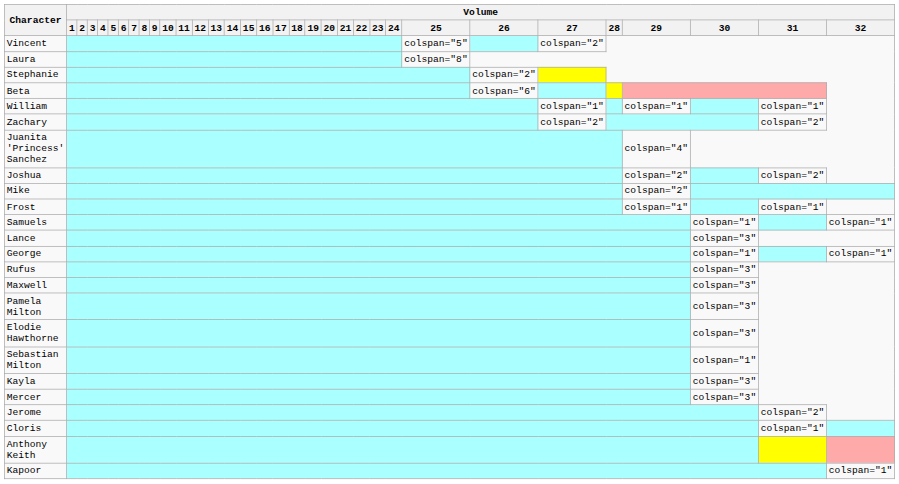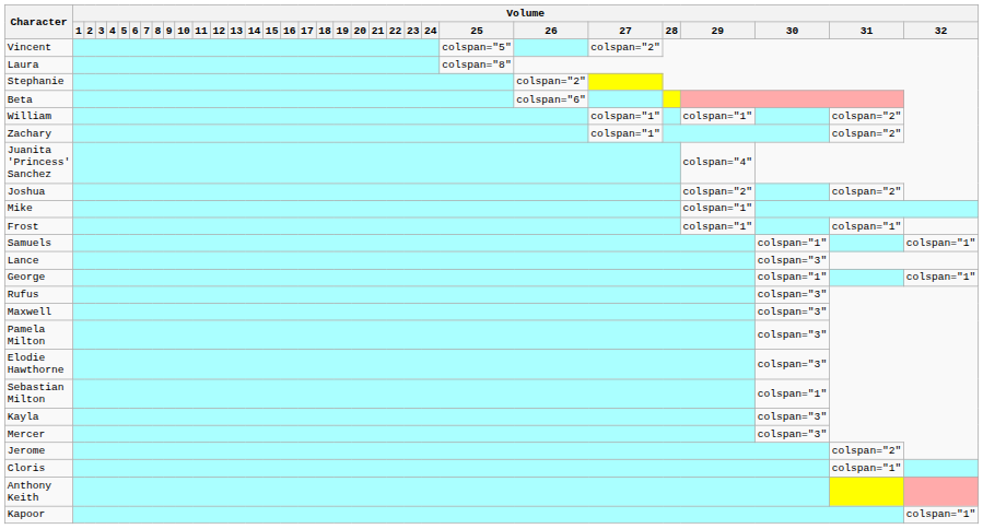 <table class="wikitable">
 <tr>
 <th rowspan="2">Character</th>
 <th colspan="32">Volume</th>
 </tr>
 <tr>
 <th style="width:3%;">1</th>
 <th style="width:3%;">2</th>
 <th style="width:3%;">3</th>
 <th style="width:3%;">4</th>
 <th style="width:3%;">5</th>
 <th style="width:3%;">6</th>
 <th style="width:3%;">7</th>
 <th style="width:3%;">8</th>
 <th style="width:3%;">9</th>
 <th style="width:3%;">10</th>
 <th style="width:3%;">11</th>
 <th style="width:3%;">12</th>
 <th style="width:3%;">13</th>
 <th style="width:3%;">14</th>
 <th style="width:3%;">15</th>
 <th style="width:3%;">16</th>
 <th style="width:3%;">17</th>
 <th style="width:3%;">18</th>
 <th style="width:3%;">19</th>
 <th style="width:3%;">20</th>
 <th style="width:3%;">21</th>
 <th style="width:3%;">22</th>
 <th style="width:3%;">23</th>
 <th style="width:3%;">24</th>
 <th style="width:3%;">25</th>
 <th style="width:3%;">26</th>
 <th style="width:3%;">27</th>
 <th style="width:3%;">28</th>
 <th style="width:3%;">29</th>
 <th style="width:3%;">30</th>
 <th style="width:3%;">31</th>
 <th style="width:3%;">32</th>
 </tr>
 <tr>
 <td>Vincent</td>
 <td colspan="24" style="background: #aaffff; color: grey; vertical-align: middle; text-align: center; " class="table-na"></td>
 <td>colspan="5" </td>
 <td style="background: #aaffff" colspan="1" align="center"></td>
 <td>colspan="2" </td>
 </tr>
 <tr>
 <td>Laura</td>
 <td colspan="24" style="background: #aaffff; color: grey; vertical-align: middle; text-align: center; " class="table-na"></td>
 <td>colspan="8" </td>
 </tr>
 <tr>
 <td>Stephanie</td>
 <td colspan="25" style="background: #aaffff; color: grey; vertical-align: middle; text-align: center; " class="table-na"></td>
 <td>colspan="2" </td>
 <td style="background:yellow; vertical-align:middle; text-align: center;"></td>
 </tr>
 <tr>
 <td>Beta</td>
 <td colspan="25" style="background: #aaffff; color: grey; vertical-align: middle; text-align: center; " class="table-na"></td>
 <td>colspan="6" </td>
 <td colspan="1" style="background: #aaffff; color: grey; vertical-align: middle; text-align: center; " class="table-na"></td>
 <td style="background:yellow; vertical-align:middle; text-align: center;"></td>
 <td colspan="3" style="background: #ffaaaa; color: grey; vertical-align: middle; text-align: center; " class="table-na"></td>
 </tr>
 <tr>
 <td>William</td>
 <td colspan="26" style="background: #aaffff; color: grey; vertical-align: middle; text-align: center; " class="table-na"></td>
 <td>colspan="1" </td>
 <td style="background: #aaffff; color: grey; vertical-align: middle; text-align: center; " class="table-na"></td>
 <td>colspan="1" </td>
 <td style="background: #aaffff" colspan="1" align="center"></td>
-<td>colspan="1" </td>
+<td>colspan="2" </td>
 </tr>
 <tr>
 <td>Zachary</td>
 <td colspan="26" style="background: #aaffff; color: grey; vertical-align: middle; text-align: center; " class="table-na"></td>
-<td>colspan="2" </td>
+<td>colspan="1" </td>
 <td colspan="3" style="background: #aaffff; color: grey; vertical-align: middle; text-align: center; " class="table-na"></td>
 <td>colspan="2" </td>
 </tr>
 <tr>
 <td>Juanita 'Princess' Sanchez</td>
 <td colspan="28" style="background: #aaffff; color: grey; vertical-align: middle; text-align: center; " class="table-na"></td>
 <td>colspan="4" </td>
 </tr>
 <tr>
 <td>Joshua</td>
 <td colspan="28" style="background: #aaffff; color: grey; vertical-align: middle; text-align: center; " class="table-na"></td>
 <td>colspan="2" </td>
 <td style="background: #aaffff" colspan="1" align="center"></td>
 <td>colspan="2" </td>
 </tr>
 <tr>
 <td>Mike</td>
 <td colspan="28" style="background: #aaffff; color: grey; vertical-align: middle; text-align: center; " class="table-na"></td>
-<td>colspan="2" </td>
+<td>colspan="1" </td>
 <td style="background: #aaffff" colspan="3" align="center"></td>
 </tr>
 <tr>
 <td>Frost</td>
 <td colspan="28" style="background: #aaffff; color: grey; vertical-align: middle; text-align: center; " class="table-na"></td>
 <td>colspan="1" </td>
 <td colspan="1" style="background: #aaffff; color: grey; vertical-align: middle; text-align: center; " class="table-na"></td>
 <td>colspan="1" </td>
 </tr>
 <tr>
 <td>Samuels</td>
 <td colspan="29" style="background: #aaffff; color: grey; vertical-align: middle; text-align: center; " class="table-na"></td>
 <td>colspan="1" </td>
 <td colspan="1" style="background: #aaffff; color: grey; vertical-align: middle; text-align: center; " class="table-na"></td>
 <td>colspan="1" </td>
 </tr>
 <tr>
 <td Lance Hornsby>Lance</td>
 <td colspan="29" style="background: #aaffff; color: grey; vertical-align: middle; text-align: center; " class="table-na"></td>
 <td>colspan="3" </td>
 </tr>
 <tr>
 <td>George</td>
 <td colspan="29" style="background: #aaffff; color: grey; vertical-align: middle; text-align: center; " class="table-na"></td>
 <td>colspan="1" </td>
 <td colspan="1" style="background: #aaffff; color: grey; vertical-align: middle; text-align: center; " class="table-na"></td>
 <td>colspan="1" </td>
 </tr>
 <tr>
 <td>Rufus</td>
 <td colspan="29" style="background: #aaffff; color: grey; vertical-align: middle; text-align: center; " class="table-na"></td>
 <td>colspan="3" </td>
 </tr>
 <tr>
 <td Maxwell Hawkins>Maxwell</td>
 <td colspan="29" style="background: #aaffff; color: grey; vertical-align: middle; text-align: center; " class="table-na"></td>
 <td>colspan="3" </td>
 </tr>
 <tr>
 <td>Pamela Milton</td>
 <td colspan="29" style="background: #aaffff; color: grey; vertical-align: middle; text-align: center; " class="table-na"></td>
 <td>colspan="3" </td>
 </tr>
 <tr>
 <td>Elodie Hawthorne</td>
 <td colspan="29" style="background: #aaffff; color: grey; vertical-align: middle; text-align: center; " class="table-na"></td>
 <td>colspan="3" </td>
 </tr>
 <tr>
 <td>Sebastian Milton</td>
 <td colspan="29" style="background: #aaffff; color: grey; vertical-align: middle; text-align: center; " class="table-na"></td>
 <td>colspan="1" </td>
 </tr>
 <tr>
 <td>Kayla</td>
 <td colspan="29" style="background: #aaffff; color: grey; vertical-align: middle; text-align: center; " class="table-na"></td>
 <td>colspan="3" </td>
 </tr>
 <tr>
 <td>Mercer</td>
 <td colspan="29" style="background: #aaffff; color: grey; vertical-align: middle; text-align: center; " class="table-na"></td>
 <td>colspan="3" </td>
 </tr>
 <tr>
 <td>Jerome</td>
 <td colspan="30" style="background: #aaffff; color: grey; vertical-align: middle; text-align: center; " class="table-na"></td>
 <td>colspan="2" </td>
 </tr>
 <tr>
 <td>Cloris</td>
 <td colspan="30" style="background: #aaffff; color: grey; vertical-align: middle; text-align: center; " class="table-na"></td>
 <td>colspan="1" </td>
 <td colspan="1" style="background: #aaffff; color: grey; vertical-align: middle; text-align: center; " class="table-na"></td>
 </tr>
 <tr>
 <td>Anthony Keith</td>
 <td colspan="30" style="background: #aaffff; color: grey; vertical-align: middle; text-align: center; " class="table-na"></td>
 <td style="background:yellow; vertical-align:middle; text-align: center;"></td>
 <td colspan="1" style="background: #ffaaaa; color: grey; vertical-align: middle; text-align: center; " class="table-na"></td>
 </tr>
 <tr>
 <td>Kapoor</td>
 <td colspan="31" style="background: #aaffff; color: grey; vertical-align: middle; text-align: center; " class="table-na"></td>
 <td>colspan="1" </td>
 </tr>
 </table>
